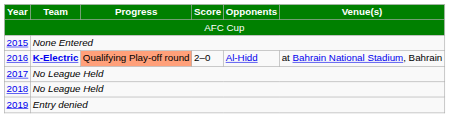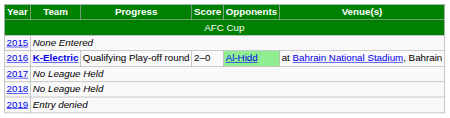 <table class="wikitable">
 <tr>
 <th style="background:green; color:white; text-align:center;">Year</th>
 <th style="background:green; color:white; text-align:center;">Team</th>
 <th style="background:green; color:white; text-align:center;">Progress</th>
 <th style="background:green; color:white; text-align:center;">Score</th>
 <th style="background:green; color:white; text-align:center;">Opponents</th>
 <th style="background:green; color:white; text-align:center;">Venue(s)</th>
 </tr>
 <tr>
 <td colspan=6 style="background:green; color:white; text-align:center;">AFC Cup</td>
 </tr>
 <tr>
 <td><a href='#'>2015</a></td>
 <td colspan="5"><em>None Entered</em></td>
 </tr>
 <tr>
 <td><a href='#'>2016</a></td>
 <td><strong><a href='#'>K-Electric</a></strong></td>
-<td style="background: lightsalmon;">Qualifying Play-off round</td>
+<td>Qualifying Play-off round</td>
 <td>2–0</td>
-<td> <a href='#'>Al-Hidd</a></td>
+<td style="background: lightgreen;"> <a href='#'>Al-Hidd</a></td>
 <td>at <a href='#'>Bahrain National Stadium</a>, Bahrain</td>
 </tr>
 <tr>
 <td><a href='#'>2017</a></td>
 <td colspan="5"><em>No League Held</em></td>
 </tr>
 <tr>
 <td><a href='#'>2018</a></td>
 <td colspan="5"><em>No League Held</em></td>
 </tr>
 <tr>
 <td><a href='#'>2019</a></td>
 <td colspan="5"><em>Entry denied</em></td>
 </tr>
 </table>
